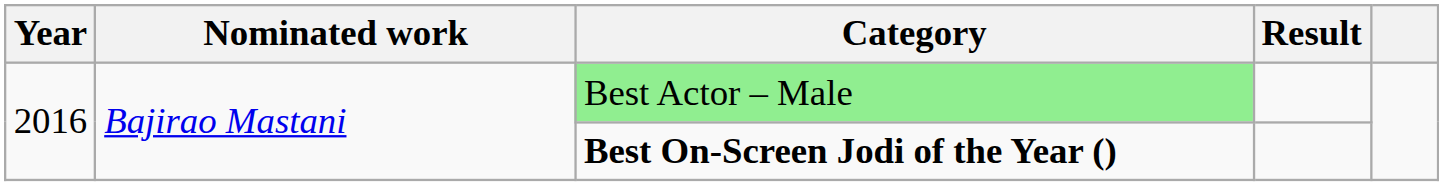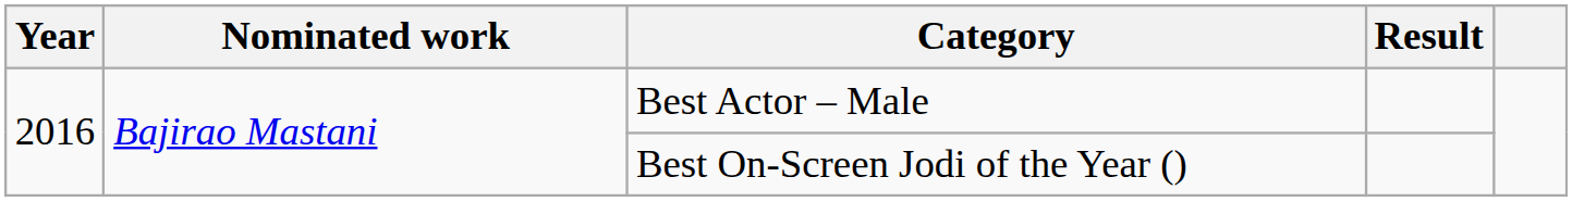 <table class="wikitable" style="width:100%;">
 <tr>
 <th scope="col" style="width:4%;">Year</th>
 <th scope="col" style="width:35%;">Nominated work</th>
 <th scope="col" style="width:50%;">Category</th>
 <th scope="col" style="width:6%;">Result</th>
 <th scope="col" style="width:5%;"></th>
 </tr>
 <tr>
 <td rowspan="2">2016</td>
 <td rowspan="2"><em><a href='#'>Bajirao Mastani</a></em></td>
-<td style="background: lightgreen;">Best Actor – Male</td>
+<td>Best Actor – Male</td>
 <td></td>
 <td rowspan="2"></td>
 </tr>
 <tr>
-<td><strong>Best On-Screen Jodi of the Year ()</strong></td>
+<td>Best On-Screen Jodi of the Year ()</td>
 <td></td>
 </tr>
 </table>
